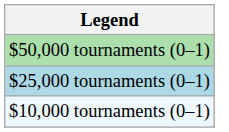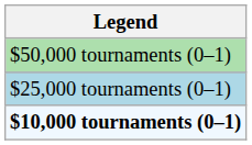 <table class=wikitable style="font-size:85%">
 <tr>
 <th>Legend</th>
 </tr>
 <tr style="background:#addfad;">
 <td>$50,000 tournaments (0–1)</td>
 </tr>
 <tr style="background:lightblue;">
 <td>$25,000 tournaments (0–1)</td>
 </tr>
 <tr style="background:#f0f8ff;">
-<td>$10,000 tournaments (0–1)</td>
+<td><strong>$10,000 tournaments (0–1)</strong></td>
 </tr>
 </table>
